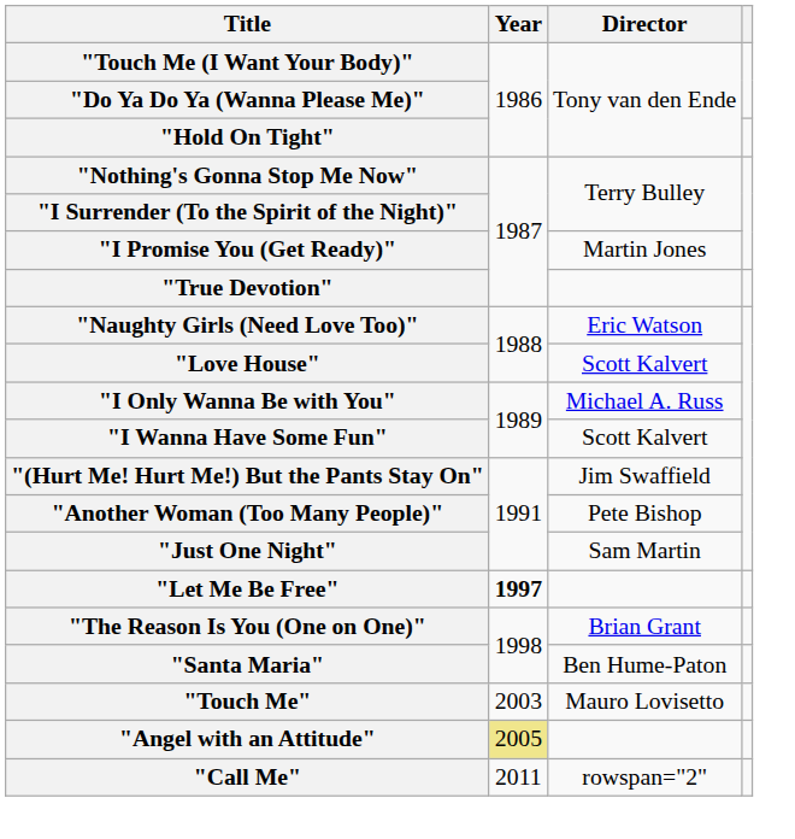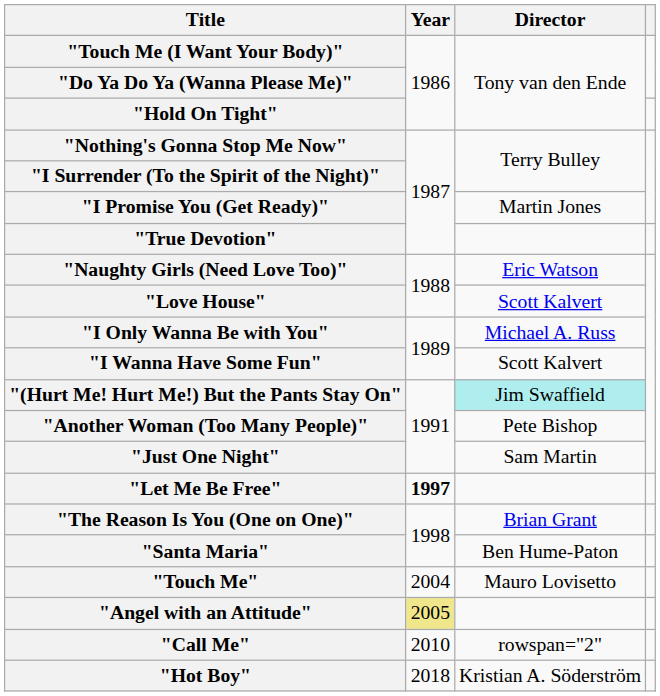 <table class="wikitable plainrowheaders" style="text-align:center">
 <tr>
 <th scope="col">Title</th>
 <th scope="col">Year</th>
 <th scope="col">Director</th>
 <th scope="col"></th>
 </tr>
 <tr>
 <th scope="row">"Touch Me (I Want Your Body)"</th>
 <td rowspan="3">1986</td>
 <td rowspan="3">Tony van den Ende</td>
 <td rowspan="2"></td>
 </tr>
 <tr>
 <th scope="row">"Do Ya Do Ya (Wanna Please Me)"</th>
 </tr>
 <tr>
 <th scope="row">"Hold On Tight"</th>
 <td></td>
 </tr>
 <tr>
 <th scope="row">"Nothing's Gonna Stop Me Now"</th>
 <td rowspan="4">1987</td>
 <td rowspan="2">Terry Bulley</td>
 <td rowspan="3"></td>
 </tr>
 <tr>
 <th scope="row">"I Surrender (To the Spirit of the Night)"</th>
 </tr>
 <tr>
 <th scope="row">"I Promise You (Get Ready)"</th>
 <td>Martin Jones</td>
 </tr>
 <tr>
 <th scope="row">"True Devotion"</th>
 <td></td>
 <td></td>
 </tr>
 <tr>
 <th scope="row">"Naughty Girls (Need Love Too)"</th>
 <td rowspan="2">1988</td>
 <td><a href='#'>Eric Watson</a></td>
 <td rowspan="7"></td>
 </tr>
 <tr>
 <th scope="row">"Love House"</th>
 <td><a href='#'>Scott Kalvert</a></td>
 </tr>
 <tr>
 <th scope="row">"I Only Wanna Be with You"</th>
 <td rowspan="2">1989</td>
 <td><a href='#'>Michael A. Russ</a></td>
 </tr>
 <tr>
 <th scope="row">"I Wanna Have Some Fun"</th>
 <td>Scott Kalvert</td>
 </tr>
 <tr>
 <th scope="row">"(Hurt Me! Hurt Me!) But the Pants Stay On"</th>
 <td rowspan="3">1991</td>
-<td>Jim Swaffield</td>
+<td style="background: paleturquoise;">Jim Swaffield</td>
 </tr>
 <tr>
 <th scope="row">"Another Woman (Too Many People)"</th>
 <td>Pete Bishop</td>
 </tr>
 <tr>
 <th scope="row">"Just One Night"</th>
 <td>Sam Martin</td>
 </tr>
 <tr>
 <th scope="row">"Let Me Be Free"</th>
 <td><strong>1997</strong></td>
 <td></td>
 <td></td>
 </tr>
 <tr>
 <th scope="row">"The Reason Is You (One on One)"</th>
 <td rowspan="2">1998</td>
 <td><a href='#'>Brian Grant</a></td>
 <td></td>
 </tr>
 <tr>
 <th scope="row">"Santa Maria"<br></th>
 <td>Ben Hume-Paton</td>
 <td></td>
 </tr>
 <tr>
 <th scope="row">"Touch Me"<br></th>
-<td>2003</td>
+<td>2004</td>
 <td>Mauro Lovisetto</td>
 <td></td>
 </tr>
 <tr>
 <th scope="row">"Angel with an Attitude"</th>
 <td style="background: khaki;">2005</td>
 <td rowspan="1"></td>
 </tr>
 <tr>
 <th scope="row">"Call Me"<br></th>
-<td>2011</td>
+<td>2010</td>
 <td>rowspan="2" </td>
 <td></td>
 </tr>
+<tr>
+<th scope="row">"Hot Boy"</th>
+<td>2018</td>
+<td>Kristian A. Söderström</td>
+<td></td>
+</tr>
 </table>
